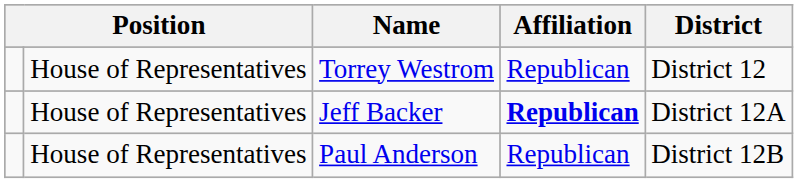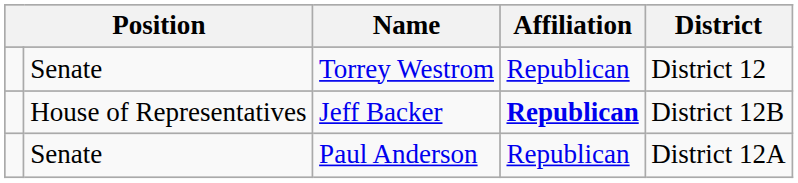 <table class="wikitable">
 <tr>
 <th colspan="2">Position</th>
 <th>Name</th>
 <th>Affiliation</th>
 <th>District</th>
 </tr>
 <tr>
 <td style="background-color:"> </td>
-<td>House of Representatives</td>
+<td>Senate</td>
 <td><a href='#'>Torrey Westrom</a></td>
 <td><a href='#'>Republican</a></td>
 <td>District 12</td>
 </tr>
 <tr>
 <td style="background-color:"> </td>
 <td>House of Representatives</td>
 <td><a href='#'>Jeff Backer</a></td>
 <td><strong><a href='#'>Republican</a></strong></td>
-<td>District 12A</td>
+<td>District 12B</td>
 </tr>
 <tr>
 <td style="background-color:"> </td>
-<td>House of Representatives</td>
+<td>Senate</td>
 <td><a href='#'>Paul Anderson</a></td>
 <td><a href='#'>Republican</a></td>
-<td>District 12B</td>
+<td>District 12A</td>
 </tr>
 </table>
